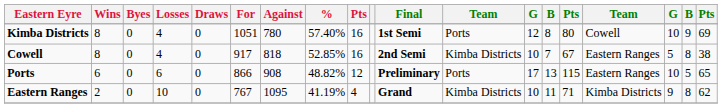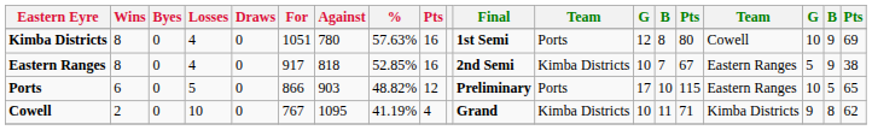 <table style="font-size: 85%; text-align: left;" class="wikitable">
 <tr>
 <th style="color:crimson">Eastern Eyre</th>
 <th style="color:crimson">Wins</th>
 <th style="color:crimson">Byes</th>
 <th style="color:crimson">Losses</th>
 <th style="color:crimson">Draws</th>
 <th style="color:crimson">For</th>
 <th style="color:crimson">Against</th>
 <th style="color:crimson">%</th>
 <th style="color:crimson">Pts</th>
 <th></th>
 <th style="color:green">Final</th>
 <th style="color:green">Team</th>
 <th style="color:green">G</th>
 <th style="color:green">B</th>
 <th style="color:green">Pts</th>
 <th style="color:green">Team</th>
 <th style="color:green">G</th>
 <th style="color:green">B</th>
 <th style="color:green">Pts</th>
 </tr>
 <tr>
 </tr>
 <tr>
 </tr>
 <tr>
 <td><strong>	Kimba Districts	</strong></td>
 <td>8</td>
 <td>0</td>
 <td>4</td>
 <td>0</td>
 <td>1051</td>
 <td>780</td>
-<td>57.40%</td>
+<td>57.63%</td>
 <td>16</td>
 <td></td>
 <td><strong>1st Semi</strong></td>
 <td>Ports</td>
 <td>12</td>
 <td>8</td>
 <td>80</td>
 <td>Cowell</td>
 <td>10</td>
 <td>9</td>
 <td>69</td>
 </tr>
 <tr>
-<td><strong>	Cowell	</strong></td>
+<td><strong>	Eastern Ranges	</strong></td>
 <td>8</td>
 <td>0</td>
 <td>4</td>
 <td>0</td>
 <td>917</td>
 <td>818</td>
 <td>52.85%</td>
 <td>16</td>
 <td></td>
 <td><strong>2nd Semi</strong></td>
 <td>Kimba Districts</td>
 <td>10</td>
 <td>7</td>
 <td>67</td>
 <td>Eastern Ranges</td>
 <td>5</td>
-<td>8</td>
+<td>9</td>
 <td>38</td>
 </tr>
 <tr>
 <td><strong>	Ports	</strong></td>
 <td>6</td>
 <td>0</td>
-<td>6</td>
+<td>5</td>
 <td>0</td>
 <td>866</td>
-<td>908</td>
+<td>903</td>
 <td>48.82%</td>
 <td>12</td>
 <td></td>
 <td><strong>Preliminary</strong></td>
 <td>Ports</td>
 <td>17</td>
-<td>13</td>
+<td>10</td>
 <td>115</td>
 <td>Eastern Ranges</td>
 <td>10</td>
 <td>5</td>
 <td>65</td>
 </tr>
 <tr>
-<td><strong>	Eastern Ranges	</strong></td>
+<td><strong>	Cowell	</strong></td>
 <td>2</td>
 <td>0</td>
 <td>10</td>
 <td>0</td>
 <td>767</td>
 <td>1095</td>
 <td>41.19%</td>
 <td>4</td>
 <td></td>
 <td><strong>Grand</strong></td>
 <td>Kimba Districts</td>
 <td>10</td>
 <td>11</td>
 <td>71</td>
 <td>Kimba Districts</td>
 <td>9</td>
 <td>8</td>
 <td>62</td>
 </tr>
 <tr>
 </tr>
 </table>
